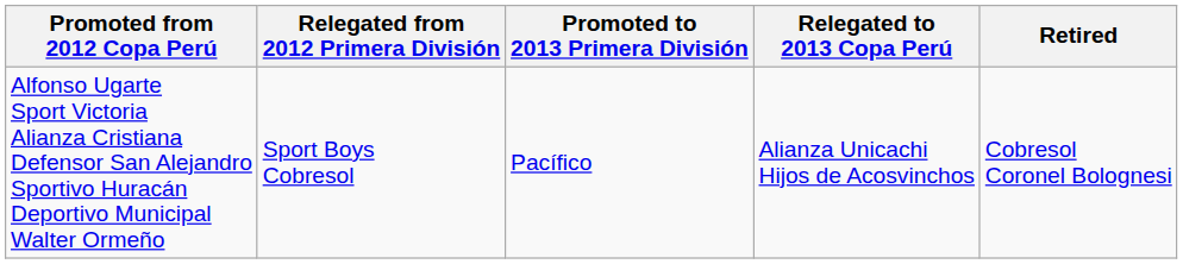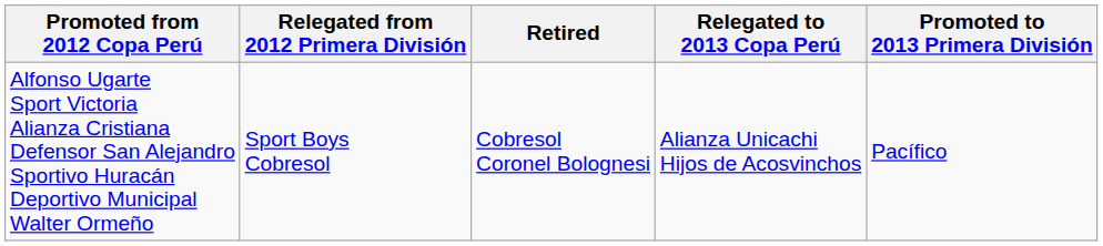 <table class="wikitable">
 <tr>
 <th>Promoted from<br><a href='#'>2012 Copa Perú</a></th>
 <th>Relegated from<br><a href='#'>2012 Primera División</a></th>
+<th>Retired</th>
+<th>Relegated to<br><a href='#'>2013 Copa Perú</a></th>
 <th>Promoted to<br><a href='#'>2013 Primera División</a></th>
-<th>Relegated to<br><a href='#'>2013 Copa Perú</a></th>
-<th>Retired</th>
 </tr>
 <tr>
 <td> <a href='#'>Alfonso Ugarte</a> <br> <a href='#'>Sport Victoria</a> <br> <a href='#'>Alianza Cristiana</a> <br> <a href='#'>Defensor San Alejandro</a> <br> <a href='#'>Sportivo Huracán</a> <br> <a href='#'>Deportivo Municipal</a> <br> <a href='#'>Walter Ormeño</a> </td>
 <td> <a href='#'>Sport Boys</a> <br> <a href='#'>Cobresol</a> </td>
+<td> <a href='#'>Cobresol</a> <br> <a href='#'>Coronel Bolognesi</a> </td>
+<td> <a href='#'>Alianza Unicachi</a> <br> <a href='#'>Hijos de Acosvinchos</a> </td>
 <td> <a href='#'>Pacífico</a> </td>
-<td> <a href='#'>Alianza Unicachi</a> <br> <a href='#'>Hijos de Acosvinchos</a> </td>
-<td> <a href='#'>Cobresol</a> <br> <a href='#'>Coronel Bolognesi</a> </td>
 </tr>
 </table>
